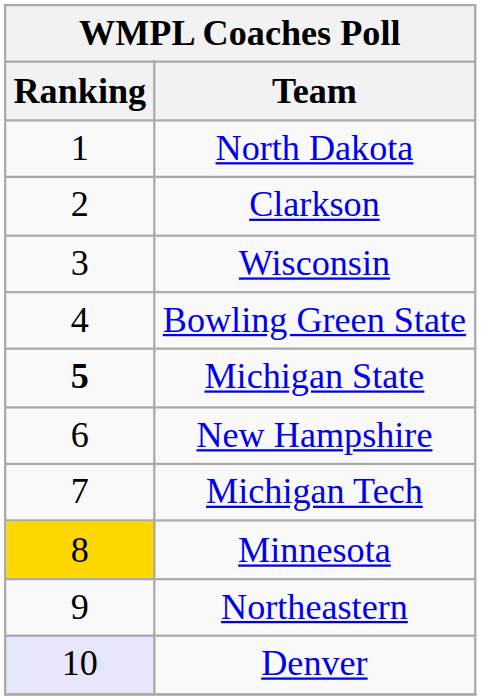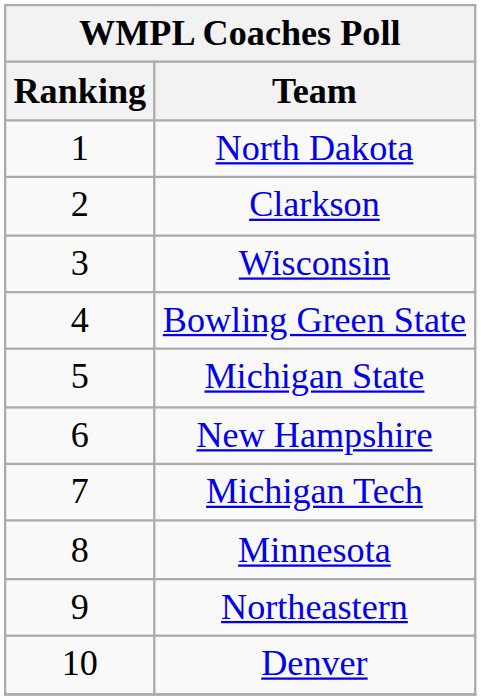 <table class="wikitable" style="text-align:center;">
 <tr>
 <th colspan=2><strong>WMPL Coaches Poll</strong></th>
 </tr>
 <tr>
 <th>Ranking</th>
 <th>Team</th>
 </tr>
 <tr>
 <td>1</td>
 <td><a href='#'>North Dakota</a></td>
 </tr>
 <tr>
 <td>2</td>
 <td><a href='#'>Clarkson</a></td>
 </tr>
 <tr>
 <td>3</td>
 <td><a href='#'>Wisconsin</a></td>
 </tr>
 <tr>
 <td>4</td>
 <td><a href='#'>Bowling Green State</a></td>
 </tr>
 <tr>
-<td><strong>5</strong></td>
+<td>5</td>
 <td><a href='#'>Michigan State</a></td>
 </tr>
 <tr>
 <td>6</td>
 <td><a href='#'>New Hampshire</a></td>
 </tr>
 <tr>
 <td>7</td>
 <td><a href='#'>Michigan Tech</a></td>
 </tr>
 <tr>
-<td style="background: gold;">8</td>
+<td>8</td>
 <td><a href='#'>Minnesota</a></td>
 </tr>
 <tr>
 <td>9</td>
 <td><a href='#'>Northeastern</a></td>
 </tr>
 <tr>
-<td style="background: lavender;">10</td>
+<td>10</td>
 <td><a href='#'>Denver</a></td>
 </tr>
 <tr>
 </tr>
 </table>
